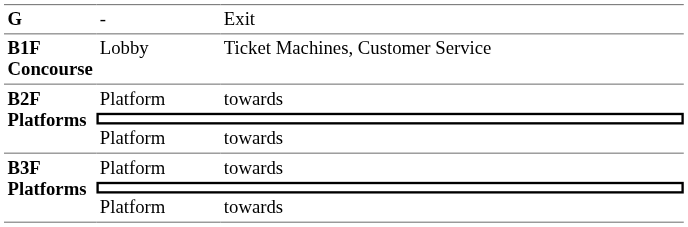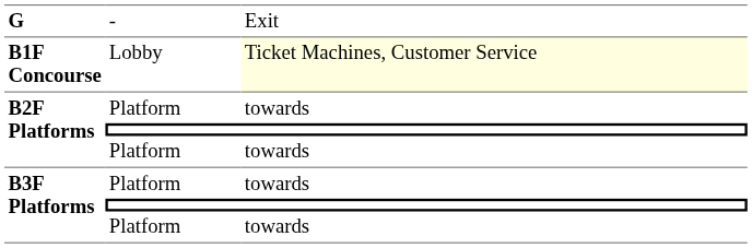 <table table border=0 cellspacing=0 cellpadding=3>
 <tr>
 <td style="border-top:solid 1px gray;" width=50 valign=top><strong>G</strong></td>
 <td style="border-top:solid 1px gray;" width=100 valign=top>-</td>
 <td style="border-top:solid 1px gray;" width=390 valign=top>Exit</td>
 </tr>
 <tr>
 <td style="border-bottom:solid 1px gray; border-top:solid 1px gray;" valign=top width=50><strong>B1F<br>Concourse</strong></td>
 <td style="border-bottom:solid 1px gray; border-top:solid 1px gray;" valign=top width=100>Lobby</td>
-<td style="border-bottom:solid 1px gray; border-top:solid 1px gray;" valign=top width=390>Ticket Machines, Customer Service</td>
+<td style="background: lightyellow; border-bottom:solid 1px gray; border-top:solid 1px gray;" valign=top width=390>Ticket Machines, Customer Service</td>
 </tr>
 <tr>
 <td style="border-bottom:solid 1px gray;" rowspan="3" valign=top><strong>B2F<br>  Platforms</strong></td>
 <td>Platform</td>
 <td>  towards  </td>
 </tr>
 <tr>
 <td style="border-right:solid 2px black;border-left:solid 2px black;border-top:solid 2px black;border-bottom:solid 2px black;text-align:center;" colspan=2></td>
 </tr>
 <tr>
 <td style="border-bottom:solid 1px gray;">Platform</td>
 <td style="border-bottom:solid 1px gray;">  towards   </td>
 </tr>
 <tr>
 <td style="border-bottom:solid 1px gray;" rowspan="3" valign=top><strong>B3F<br> Platforms</strong></td>
 <td>Platform </td>
 <td>  towards  </td>
 </tr>
 <tr>
 <td style="border-right:solid 2px black;border-left:solid 2px black;border-top:solid 2px black;border-bottom:solid 2px black;text-align:center;" colspan=2></td>
 </tr>
 <tr>
 <td style="border-bottom:solid 1px gray;">Platform </td>
 <td style="border-bottom:solid 1px gray;">  towards   </td>
 </tr>
 </table>
